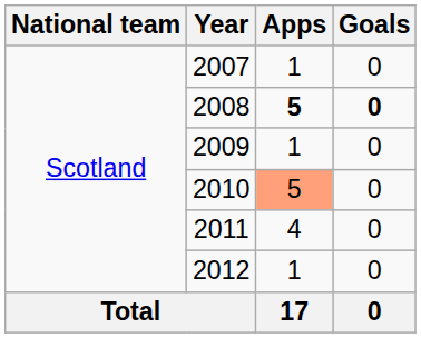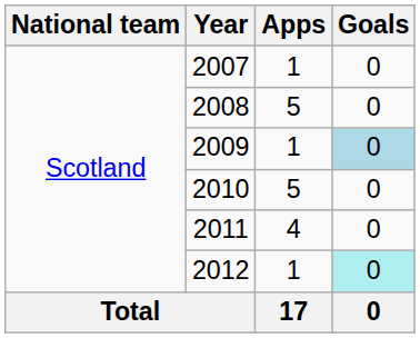 <table class="wikitable" style="text-align:center">
 <tr>
 <th>National team</th>
 <th>Year</th>
 <th>Apps</th>
 <th>Goals</th>
 </tr>
 <tr>
 <td rowspan="6"><a href='#'>Scotland</a></td>
 <td>2007</td>
 <td>1</td>
 <td>0</td>
 </tr>
 <tr>
 <td>2008</td>
-<td><strong>5</strong></td>
-<td><strong>0</strong></td>
+<td>5</td>
+<td>0</td>
 </tr>
 <tr>
 <td>2009</td>
 <td>1</td>
-<td>0</td>
+<td style="background: lightblue;">0</td>
 </tr>
 <tr>
 <td>2010</td>
-<td style="background: lightsalmon;">5</td>
+<td>5</td>
 <td>0</td>
 </tr>
 <tr>
 <td>2011</td>
 <td>4</td>
 <td>0</td>
 </tr>
 <tr>
 <td>2012</td>
 <td>1</td>
-<td>0</td>
+<td style="background: paleturquoise;">0</td>
 </tr>
 <tr>
 <th colspan="2">Total</th>
 <th>17</th>
 <th>0</th>
 </tr>
 </table>
